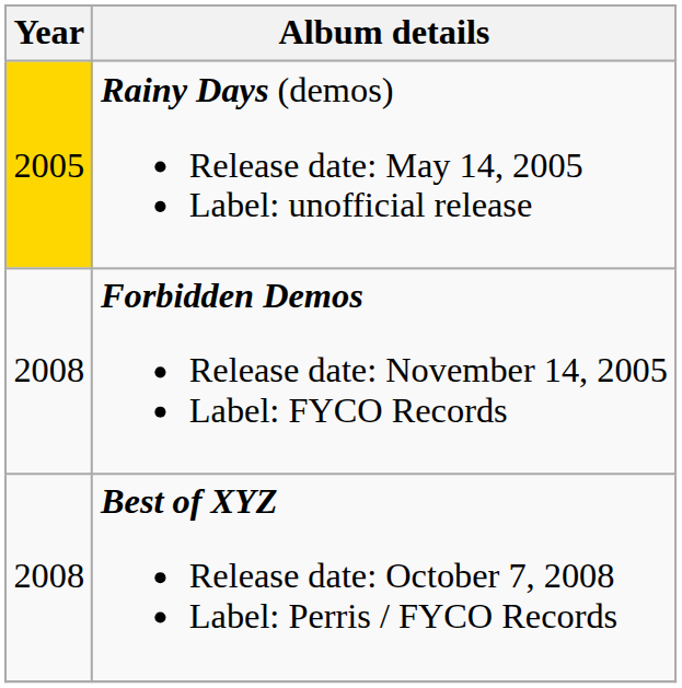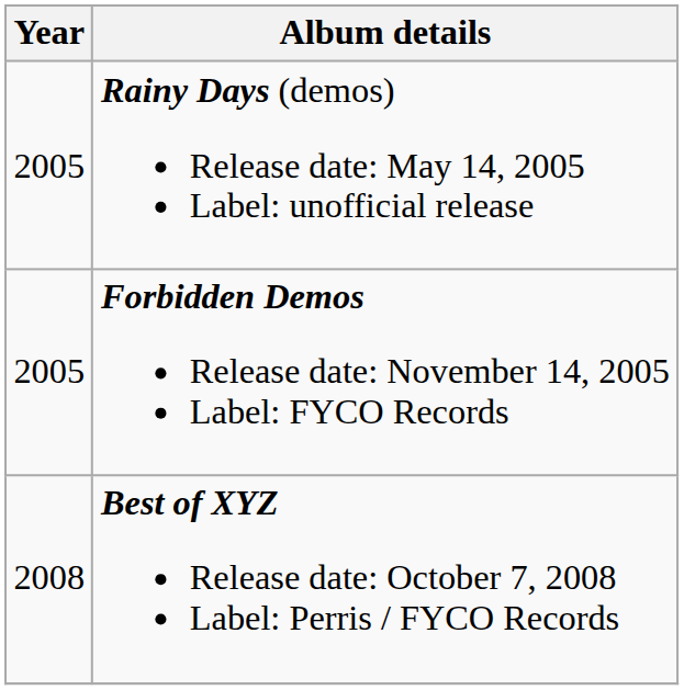 <table class="wikitable" style="text-align:center;">
 <tr>
 <th>Year</th>
 <th>Album details</th>
 </tr>
 <tr>
-<td style="background: gold;">2005</td>
+<td>2005</td>
 <td align="left"><strong><em>Rainy Days</em></strong> (demos)<br><ul><li>Release date: May 14, 2005</li><li>Label: unofficial release</li></ul></td>
 </tr>
 <tr>
-<td>2008</td>
+<td>2005</td>
 <td align="left"><strong><em>Forbidden Demos</em></strong><br><ul><li>Release date: November 14, 2005</li><li>Label: FYCO Records</li></ul></td>
 </tr>
 <tr>
 <td>2008</td>
 <td align="left"><strong><em>Best of XYZ</em></strong><br><ul><li>Release date: October 7, 2008</li><li>Label: Perris / FYCO Records</li></ul></td>
 </tr>
 <tr>
 </tr>
 </table>
